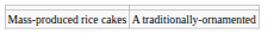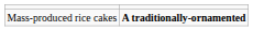 <table class="wikitable floatright">
 <tr>
 <td></td>
 <td></td>
 </tr>
 <tr>
 <td>Mass-produced  rice cakes</td>
-<td>A traditionally-ornamented </td>
+<td><strong>A traditionally-ornamented </strong></td>
 </tr>
 </table>
